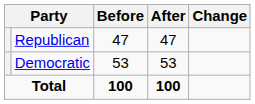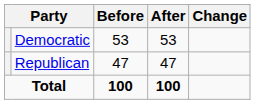 <table class="wikitable" style="text-align:center;">
 <tr>
 <th colspan="2">Party</th>
 <th>Before</th>
 <th>After</th>
 <th>Change</th>
 </tr>
 <tr>
 <th style="background-color:"></th>
-<td style="text-align:left;"><a href='#'>Republican</a></td>
-<td>47</td>
-<td>47</td>
+<td style="text-align:left;"><a href='#'>Democratic</a></td>
+<td>53</td>
+<td>53</td>
 <td></td>
 </tr>
 <tr>
 <th style="background-color:"></th>
-<td style="text-align:left;"><a href='#'>Democratic</a></td>
-<td>53</td>
-<td>53</td>
+<td style="text-align:left;"><a href='#'>Republican</a></td>
+<td>47</td>
+<td>47</td>
 <td></td>
 </tr>
 <tr>
 <td colspan="2"><strong>Total</strong></td>
 <td><strong>100</strong></td>
 <td><strong>100</strong></td>
 <td></td>
 </tr>
 </table>
